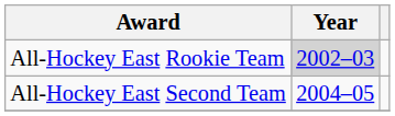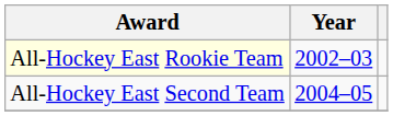 <table class="wikitable">
 <tr>
 <th>Award</th>
 <th>Year</th>
 <th></th>
 </tr>
 <tr>
-<td>All-<a href='#'>Hockey East</a> <a href='#'>Rookie Team</a></td>
-<td style="background: lightgrey;"><a href='#'>2002–03</a></td>
+<td style="background: lightyellow;">All-<a href='#'>Hockey East</a> <a href='#'>Rookie Team</a></td>
+<td><a href='#'>2002–03</a></td>
 <td></td>
 </tr>
 <tr>
 <td>All-<a href='#'>Hockey East</a> <a href='#'>Second Team</a></td>
 <td><a href='#'>2004–05</a></td>
 <td></td>
 </tr>
 <tr>
 </tr>
 </table>
